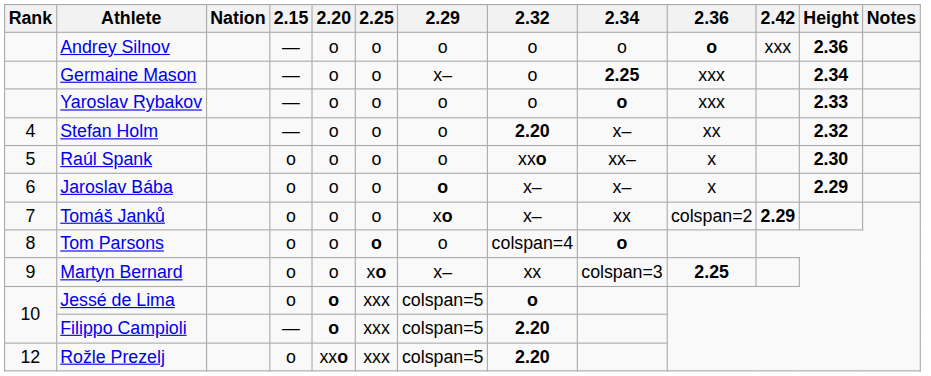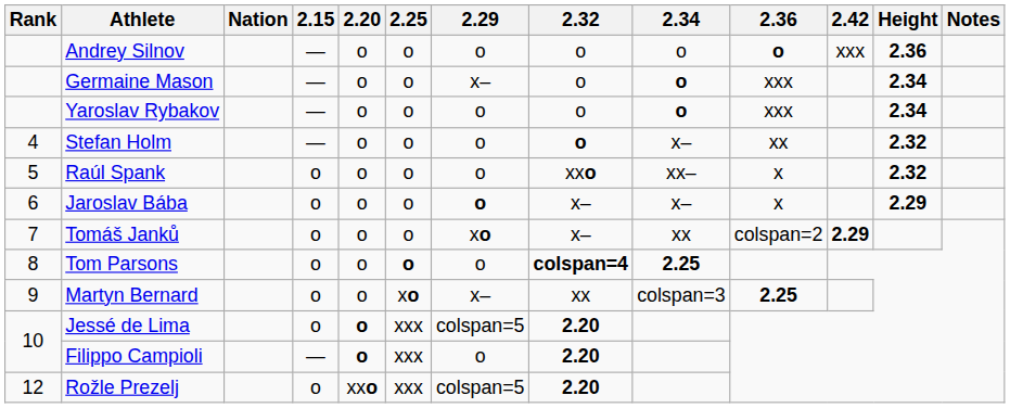 <table class="wikitable sortable" style="text-align:center">
 <tr>
 <th>Rank</th>
 <th>Athlete</th>
 <th>Nation</th>
 <th>2.15</th>
 <th>2.20</th>
 <th>2.25</th>
 <th>2.29</th>
 <th>2.32</th>
 <th>2.34</th>
 <th>2.36</th>
 <th>2.42</th>
 <th>Height</th>
 <th>Notes</th>
 </tr>
 <tr>
 <td></td>
 <td align="left"><a href='#'>Andrey Silnov</a></td>
 <td align="left"></td>
 <td>—</td>
 <td>o</td>
 <td>o</td>
 <td>o</td>
 <td>o</td>
 <td>o</td>
 <td><strong>o</strong></td>
 <td>xxx</td>
 <td><strong>2.36</strong></td>
 <td></td>
 </tr>
 <tr>
 <td></td>
 <td align="left"><a href='#'>Germaine Mason</a></td>
 <td align="left"></td>
 <td>—</td>
 <td>o</td>
 <td>o</td>
 <td>x–</td>
 <td>o</td>
-<td><strong>2.25</strong></td>
+<td><strong>o</strong></td>
 <td>xxx</td>
 <td></td>
 <td><strong>2.34</strong></td>
 <td></td>
 </tr>
 <tr>
 <td></td>
 <td align="left"><a href='#'>Yaroslav Rybakov</a></td>
 <td align="left"></td>
 <td>—</td>
 <td>o</td>
 <td>o</td>
 <td>o</td>
 <td>o</td>
 <td><strong>o</strong></td>
 <td>xxx</td>
 <td></td>
-<td><strong>2.33</strong></td>
+<td><strong>2.34</strong></td>
 <td></td>
 </tr>
 <tr>
 <td>4</td>
 <td align="left"><a href='#'>Stefan Holm</a></td>
 <td align="left"></td>
 <td>—</td>
 <td>o</td>
 <td>o</td>
 <td>o</td>
-<td><strong>2.20</strong></td>
+<td><strong>o</strong></td>
 <td>x–</td>
 <td>xx</td>
 <td></td>
 <td><strong>2.32</strong></td>
 <td></td>
 </tr>
 <tr>
 <td>5</td>
 <td align="left"><a href='#'>Raúl Spank</a></td>
 <td align="left"></td>
 <td>o</td>
 <td>o</td>
 <td>o</td>
 <td>o</td>
 <td>xx<strong>o</strong></td>
 <td>xx–</td>
 <td>x</td>
 <td></td>
-<td><strong>2.30</strong></td>
+<td><strong>2.32</strong></td>
 <td></td>
 </tr>
 <tr>
 <td>6</td>
 <td align="left"><a href='#'>Jaroslav Bába</a></td>
 <td align="left"></td>
 <td>o</td>
 <td>o</td>
 <td>o</td>
 <td><strong>o</strong></td>
 <td>x–</td>
 <td>x–</td>
 <td>x</td>
 <td></td>
 <td><strong>2.29</strong></td>
 <td></td>
 </tr>
 <tr>
 <td>7</td>
 <td align="left"><a href='#'>Tomáš Janků</a></td>
 <td align="left"></td>
 <td>o</td>
 <td>o</td>
 <td>o</td>
 <td>x<strong>o</strong></td>
 <td>x–</td>
 <td>xx</td>
 <td>colspan=2 </td>
 <td><strong>2.29</strong></td>
 <td></td>
 </tr>
 <tr>
 <td>8</td>
 <td align="left"><a href='#'>Tom Parsons</a></td>
 <td align="left"></td>
 <td>o</td>
 <td>o</td>
 <td><strong>o</strong></td>
 <td>o</td>
-<td>colspan=4 </td>
-<td><strong>o</strong></td>
+<td><strong>colspan=4 </strong></td>
+<td><strong>2.25</strong></td>
 <td></td>
 </tr>
 <tr>
 <td>9</td>
 <td align="left"><a href='#'>Martyn Bernard</a></td>
 <td align="left"></td>
 <td>o</td>
 <td>o</td>
 <td>x<strong>o</strong></td>
 <td>x–</td>
 <td>xx</td>
 <td>colspan=3 </td>
 <td><strong> 2.25</strong></td>
 <td></td>
 </tr>
 <tr>
 <td rowspan=2>10</td>
 <td align="left"><a href='#'>Jessé de Lima</a></td>
 <td align="left"></td>
 <td>o</td>
 <td><strong>o</strong></td>
 <td>xxx</td>
 <td>colspan=5 </td>
-<td><strong>o</strong></td>
+<td><strong>2.20</strong></td>
 <td></td>
 </tr>
 <tr>
 <td align="left"><a href='#'>Filippo Campioli</a></td>
 <td align="left"></td>
 <td>—</td>
 <td><strong>o</strong></td>
 <td>xxx</td>
-<td>colspan=5 </td>
+<td>o</td>
 <td><strong>2.20</strong></td>
 <td></td>
 </tr>
 <tr>
 <td>12</td>
 <td align="left"><a href='#'>Rožle Prezelj</a></td>
 <td align="left"></td>
 <td>o</td>
 <td>xx<strong>o</strong></td>
 <td>xxx</td>
 <td>colspan=5 </td>
 <td><strong>2.20</strong></td>
 <td></td>
 </tr>
 </table>
